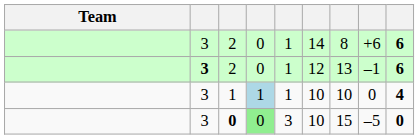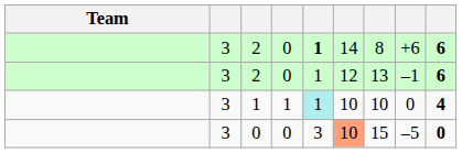 <table class="wikitable" style="text-align: center;">
 <tr>
 <th width="175">Team</th>
 <th width="20"></th>
 <th width="20"></th>
 <th width="20"></th>
 <th width="20"></th>
 <th width="20"></th>
 <th width="20"></th>
 <th width="20"></th>
 <th width="20"></th>
 </tr>
 <tr align=center bgcolor=#ccffcc>
 <td style="text-align:left;"></td>
 <td>3</td>
 <td>2</td>
 <td>0</td>
-<td>1</td>
+<td><strong>1</strong></td>
 <td>14</td>
 <td>8</td>
 <td>+6</td>
 <td><strong>6</strong></td>
 </tr>
 <tr align=center bgcolor=#ccffcc>
 <td style="text-align:left;"></td>
-<td><strong>3</strong></td>
+<td>3</td>
 <td>2</td>
 <td>0</td>
 <td>1</td>
 <td>12</td>
 <td>13</td>
 <td>–1</td>
 <td><strong>6</strong></td>
 </tr>
 <tr>
 <td style="text-align:left;"></td>
 <td>3</td>
 <td>1</td>
-<td style="background: lightblue;">1</td>
 <td>1</td>
+<td style="background: paleturquoise;">1</td>
 <td>10</td>
 <td>10</td>
 <td>0</td>
 <td><strong>4</strong></td>
 </tr>
 <tr>
 <td style="text-align:left;"></td>
 <td>3</td>
-<td><strong>0</strong></td>
-<td style="background: lightgreen;">0</td>
+<td>0</td>
+<td>0</td>
 <td>3</td>
-<td>10</td>
+<td style="background: lightsalmon;">10</td>
 <td>15</td>
 <td>–5</td>
 <td><strong>0</strong></td>
 </tr>
 </table>
